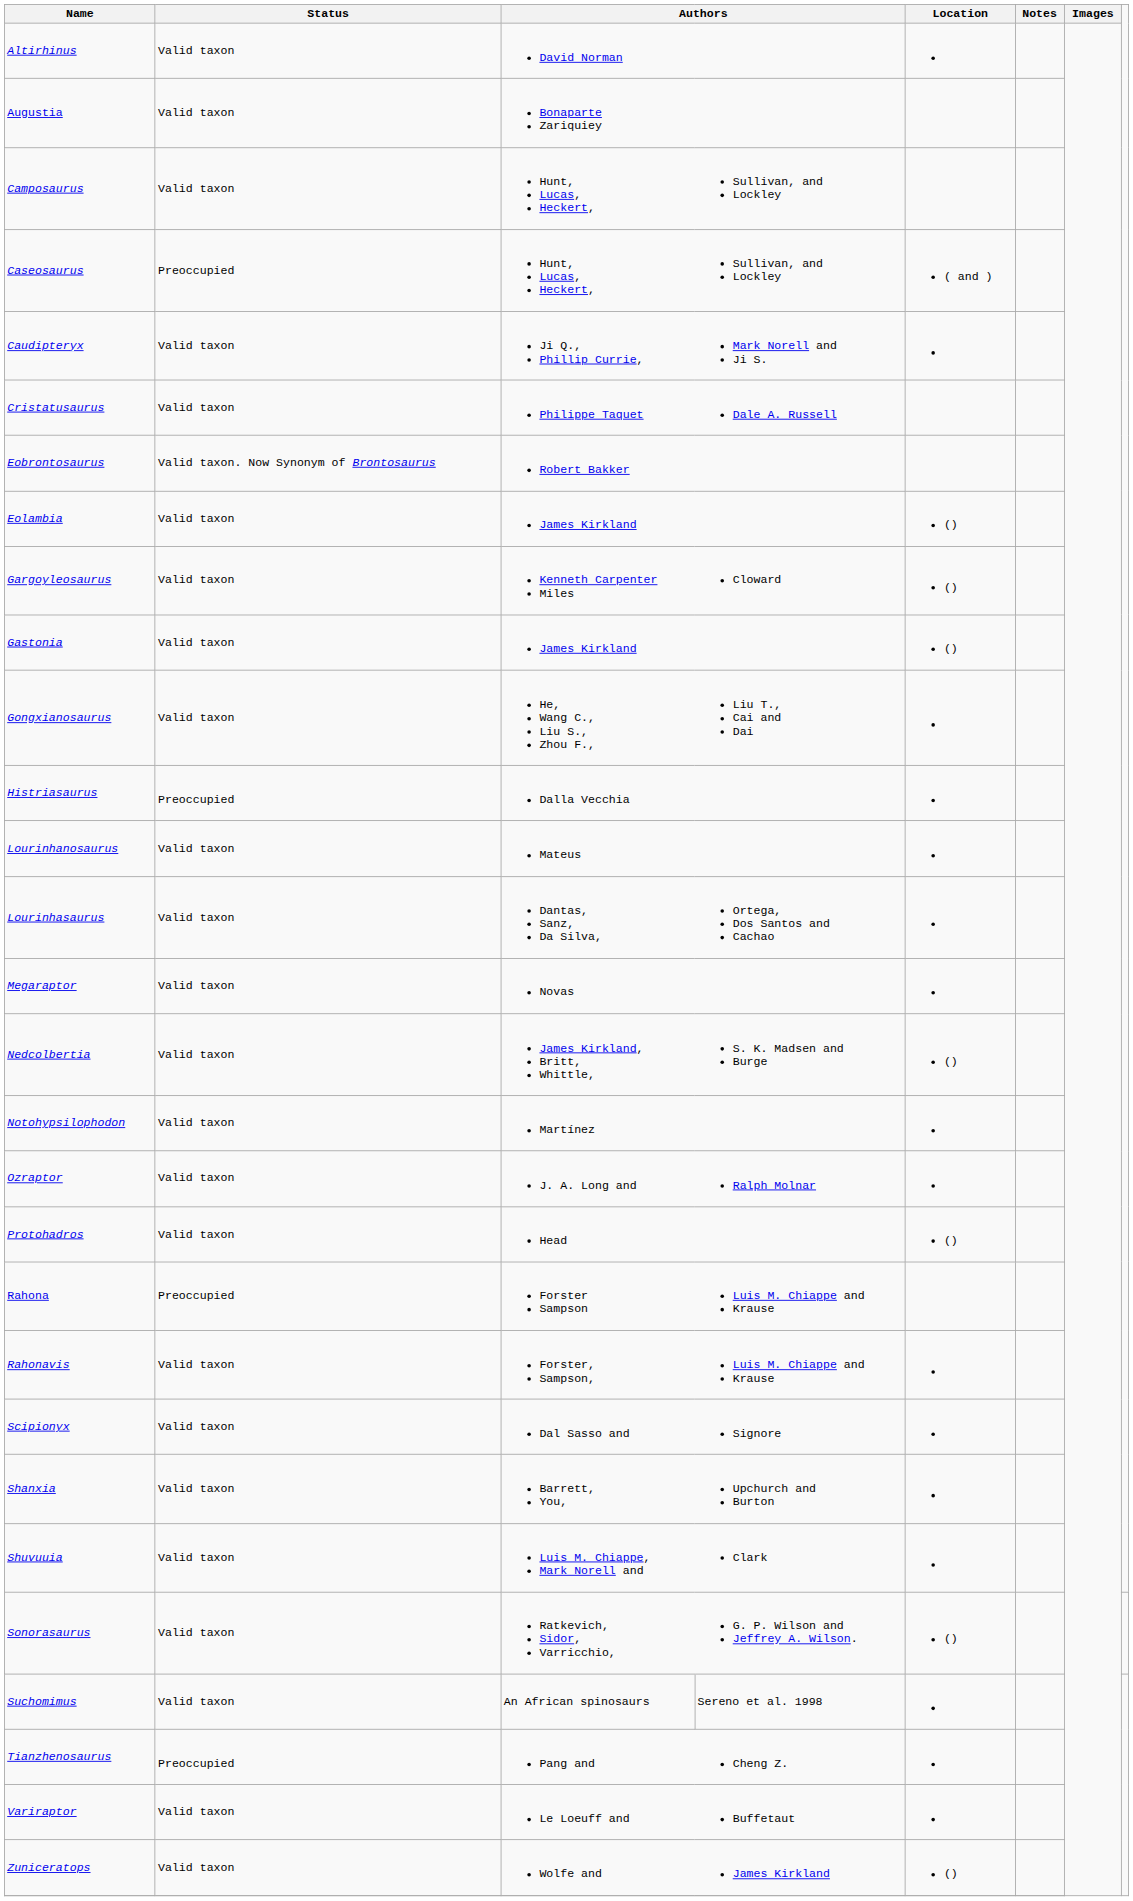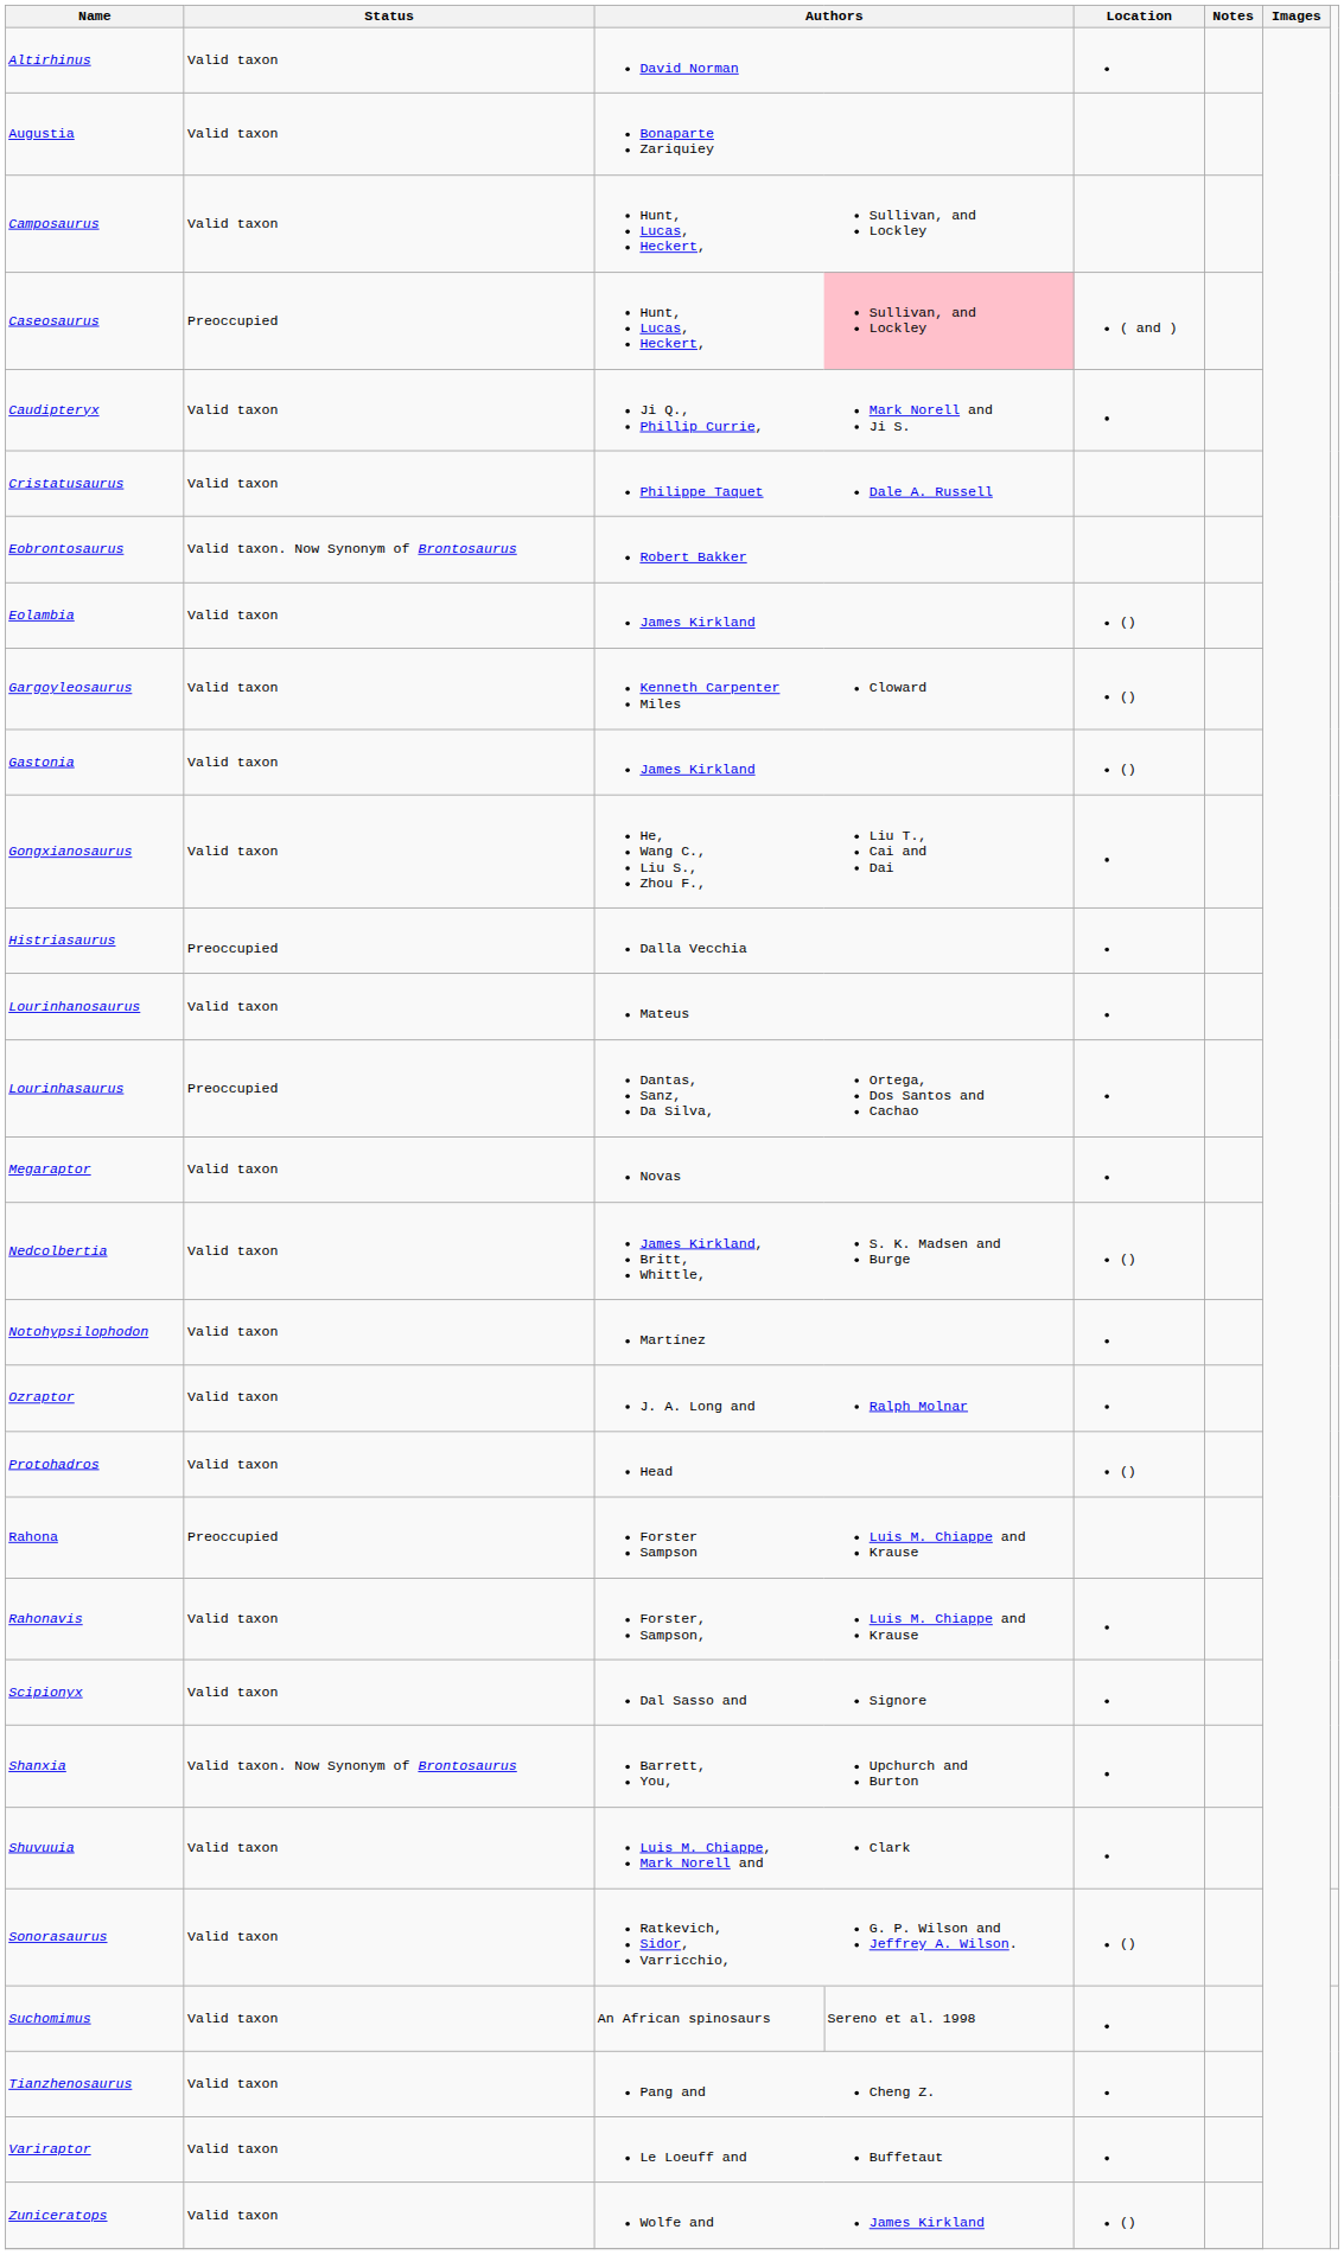 <table class="wikitable sortable" align="center" width="100%">
 <tr>
 <th>Name</th>
 <th>Status</th>
 <th colspan="2">Authors</th>
 <th>Location</th>
 <th class="unsortable">Notes</th>
 <th class="unsortable">Images</th>
 </tr>
 <tr>
 <td><em><a href='#'>Altirhinus</a></em></td>
 <td>Valid taxon</td>
 <td style="border-right:0px" valign="top"><br><ul><li><a href='#'>David Norman</a></li></ul></td>
 <td style="border-left:0px" valign="top"></td>
 <td><br><ul><li></li></ul></td>
 <td></td>
 <td rowspan="99"><br>             </td>
 </tr>
 <tr>
 <td><a href='#'>Augustia</a></td>
 <td>Valid taxon</td>
 <td style="border-right:0px" valign="top"><br><ul><li><a href='#'>Bonaparte</a></li><li>Zariquiey</li></ul></td>
 <td style="border-left:0px" valign="top"></td>
 <td></td>
 <td></td>
 </tr>
 <tr>
 <td><em><a href='#'>Camposaurus</a></em></td>
 <td>Valid taxon</td>
 <td style="border-right:0px" valign="top"><br><ul><li>Hunt,</li><li><a href='#'>Lucas</a>,</li><li><a href='#'>Heckert</a>,</li></ul></td>
 <td style="border-left:0px" valign="top"><br><ul><li>Sullivan, and</li><li>Lockley</li></ul></td>
 <td></td>
 <td></td>
 </tr>
 <tr>
 <td><em><a href='#'>Caseosaurus</a></em></td>
 <td>Preoccupied</td>
 <td style="border-right:0px" valign="top"><br><ul><li>Hunt,</li><li><a href='#'>Lucas</a>,</li><li><a href='#'>Heckert</a>,</li></ul></td>
-<td style="border-left:0px" valign="top"><br><ul><li>Sullivan, and</li><li>Lockley</li></ul></td>
+<td style="background: pink; border-left:0px" valign="top"><br><ul><li>Sullivan, and</li><li>Lockley</li></ul></td>
 <td><br><ul><li> ( and )</li></ul></td>
 <td></td>
 </tr>
 <tr>
 <td><em><a href='#'>Caudipteryx</a></em></td>
 <td>Valid taxon</td>
 <td style="border-right:0px" valign="top"><br><ul><li>Ji Q.,</li><li><a href='#'>Phillip Currie</a>,</li></ul></td>
 <td style="border-left:0px" valign="top"><br><ul><li><a href='#'>Mark Norell</a> and</li><li>Ji S.</li></ul></td>
 <td><br><ul><li></li></ul></td>
 <td></td>
 </tr>
 <tr>
 <td><em><a href='#'>Cristatusaurus</a></em></td>
 <td>Valid taxon</td>
 <td style="border-right:0px" valign="top"><br><ul><li><a href='#'>Philippe Taquet</a></li></ul></td>
 <td style="border-left:0px" valign="top"><br><ul><li><a href='#'>Dale A. Russell</a></li></ul></td>
 <td></td>
 <td></td>
 </tr>
 <tr>
 <td><em><a href='#'>Eobrontosaurus</a></em></td>
 <td>Valid taxon. Now Synonym of <em><a href='#'>Brontosaurus</a></em></td>
 <td style="border-right:0px" valign="top"><br><ul><li><a href='#'>Robert Bakker</a></li></ul></td>
 <td style="border-left:0px" valign="top"></td>
 <td></td>
 <td></td>
 </tr>
 <tr>
 <td><em><a href='#'>Eolambia</a></em></td>
 <td>Valid taxon</td>
 <td style="border-right:0px" valign="top"><br><ul><li><a href='#'>James Kirkland</a></li></ul></td>
 <td style="border-left:0px" valign="top"></td>
 <td><br><ul><li> ()</li></ul></td>
 <td></td>
 </tr>
 <tr>
 <td><em><a href='#'>Gargoyleosaurus</a></em></td>
 <td>Valid taxon</td>
 <td style="border-right:0px" valign="top"><br><ul><li><a href='#'>Kenneth Carpenter</a></li><li>Miles</li></ul></td>
 <td style="border-left:0px" valign="top"><br><ul><li>Cloward</li></ul></td>
 <td><br><ul><li> ()</li></ul></td>
 <td></td>
 </tr>
 <tr>
 <td><em><a href='#'>Gastonia</a></em></td>
 <td>Valid taxon</td>
 <td style="border-right:0px" valign="top"><br><ul><li><a href='#'>James Kirkland</a></li></ul></td>
 <td style="border-left:0px" valign="top"></td>
 <td><br><ul><li> ()</li></ul></td>
 <td></td>
 </tr>
 <tr>
 <td><em><a href='#'>Gongxianosaurus</a></em></td>
 <td>Valid taxon</td>
 <td style="border-right:0px" valign="top"><br><ul><li>He,</li><li>Wang C.,</li><li>Liu S.,</li><li>Zhou F.,</li></ul></td>
 <td style="border-left:0px" valign="top"><br><ul><li>Liu T.,</li><li>Cai and</li><li>Dai</li></ul></td>
 <td><br><ul><li></li></ul></td>
 <td></td>
 </tr>
 <tr>
 <td><em><a href='#'>Histriasaurus</a></em></td>
 <td><br>Preoccupied</td>
 <td style="border-right:0px" valign="top"><br><ul><li>Dalla Vecchia</li></ul></td>
 <td style="border-left:0px" valign="top"></td>
 <td><br><ul><li></li></ul></td>
 <td></td>
 </tr>
 <tr>
 <td><em><a href='#'>Lourinhanosaurus</a></em></td>
 <td>Valid taxon</td>
 <td style="border-right:0px" valign="top"><br><ul><li>Mateus</li></ul></td>
 <td style="border-left:0px" valign="top"></td>
 <td><br><ul><li></li></ul></td>
 <td></td>
 </tr>
 <tr>
 <td><em><a href='#'>Lourinhasaurus</a></em></td>
-<td>Valid taxon</td>
+<td>Preoccupied</td>
 <td style="border-right:0px" valign="top"><br><ul><li>Dantas,</li><li>Sanz,</li><li>Da Silva,</li></ul></td>
 <td style="border-left:0px" valign="top"><br><ul><li>Ortega,</li><li>Dos Santos and</li><li>Cachao</li></ul></td>
 <td><br><ul><li></li></ul></td>
 <td></td>
 </tr>
 <tr>
 <td><em><a href='#'>Megaraptor</a></em></td>
 <td>Valid taxon</td>
 <td style="border-right:0px" valign="top"><br><ul><li>Novas</li></ul></td>
 <td style="border-left:0px" valign="top"></td>
 <td><br><ul><li></li></ul></td>
 <td></td>
 </tr>
 <tr>
 <td><em><a href='#'>Nedcolbertia</a></em></td>
 <td>Valid taxon</td>
 <td style="border-right:0px" valign="top"><br><ul><li><a href='#'>James Kirkland</a>,</li><li>Britt,</li><li>Whittle,</li></ul></td>
 <td style="border-left:0px" valign="top"><br><ul><li>S. K. Madsen and</li><li>Burge</li></ul></td>
 <td><br><ul><li> ()</li></ul></td>
 <td></td>
 </tr>
 <tr>
 <td><em><a href='#'>Notohypsilophodon</a></em></td>
 <td>Valid taxon</td>
 <td style="border-right:0px" valign="top"><br><ul><li>Martínez</li></ul></td>
 <td style="border-left:0px" valign="top"></td>
 <td><br><ul><li></li></ul></td>
 <td></td>
 </tr>
 <tr>
 <td><em><a href='#'>Ozraptor</a></em></td>
 <td>Valid taxon</td>
 <td style="border-right:0px" valign="top"><br><ul><li>J. A. Long and</li></ul></td>
 <td style="border-left:0px" valign="top"><br><ul><li><a href='#'>Ralph Molnar</a></li></ul></td>
 <td><br><ul><li></li></ul></td>
 <td></td>
 </tr>
 <tr>
 <td><em><a href='#'>Protohadros</a></em></td>
 <td>Valid taxon</td>
 <td style="border-right:0px" valign="top"><br><ul><li>Head</li></ul></td>
 <td style="border-left:0px" valign="top"></td>
 <td><br><ul><li> ()</li></ul></td>
 <td></td>
 </tr>
 <tr>
 <td><a href='#'>Rahona</a></td>
 <td>Preoccupied</td>
 <td style="border-right:0px" valign="top"><br><ul><li>Forster</li><li>Sampson</li></ul></td>
 <td style="border-left:0px" valign="top"><br><ul><li><a href='#'>Luis M. Chiappe</a> and</li><li>Krause</li></ul></td>
 <td></td>
 <td></td>
 </tr>
 <tr>
 <td><em><a href='#'>Rahonavis</a></em></td>
 <td>Valid taxon</td>
 <td style="border-right:0px" valign="top"><br><ul><li>Forster,</li><li>Sampson,</li></ul></td>
 <td style="border-left:0px" valign="top"><br><ul><li><a href='#'>Luis M. Chiappe</a> and</li><li>Krause</li></ul></td>
 <td><br><ul><li></li></ul></td>
 <td></td>
 </tr>
 <tr>
 <td><em><a href='#'>Scipionyx</a></em></td>
 <td>Valid taxon</td>
 <td style="border-right:0px" valign="top"><br><ul><li>Dal Sasso and</li></ul></td>
 <td style="border-left:0px" valign="top"><br><ul><li>Signore</li></ul></td>
 <td><br><ul><li></li></ul></td>
 <td></td>
 </tr>
 <tr>
 <td><em><a href='#'>Shanxia</a></em></td>
-<td>Valid taxon</td>
+<td>Valid taxon. Now Synonym of <em><a href='#'>Brontosaurus</a></em></td>
 <td style="border-right:0px" valign="top"><br><ul><li>Barrett,</li><li>You,</li></ul></td>
 <td style="border-left:0px" valign="top"><br><ul><li>Upchurch and</li><li>Burton</li></ul></td>
 <td><br><ul><li></li></ul></td>
 <td></td>
 </tr>
 <tr>
 <td><em><a href='#'>Shuvuuia</a></em></td>
 <td>Valid taxon</td>
 <td style="border-right:0px" valign="top"><br><ul><li><a href='#'>Luis M. Chiappe</a>,</li><li><a href='#'>Mark Norell</a> and</li></ul></td>
 <td style="border-left:0px" valign="top"><br><ul><li>Clark</li></ul></td>
 <td><br><ul><li></li></ul></td>
 <td></td>
 </tr>
 <tr>
 <td><em><a href='#'>Sonorasaurus</a></em></td>
 <td>Valid taxon</td>
 <td style="border-right:0px" valign="top"><br><ul><li>Ratkevich,</li><li><a href='#'>Sidor</a>,</li><li>Varricchio,</li></ul></td>
 <td style="border-left:0px" valign="top"><br><ul><li>G. P. Wilson and</li><li><a href='#'>Jeffrey A. Wilson</a>.</li></ul></td>
 <td><br><ul><li> ()</li></ul></td>
 <td></td>
 <td></td>
 </tr>
 <tr>
 <td><em><a href='#'>Suchomimus</a></em></td>
 <td>Valid taxon</td>
 <td>An African spinosaurs</td>
 <td>Sereno et al. 1998</td>
 <td><br><ul><li></li></ul></td>
 <td></td>
 </tr>
 <tr>
 <td><em><a href='#'>Tianzhenosaurus</a></em></td>
-<td><br>Preoccupied</td>
+<td>Valid taxon</td>
 <td style="border-right:0px" valign="top"><br><ul><li>Pang and</li></ul></td>
 <td style="border-left:0px" valign="top"><br><ul><li>Cheng Z.</li></ul></td>
 <td><br><ul><li></li></ul></td>
 <td></td>
 </tr>
 <tr>
 <td><em><a href='#'>Variraptor</a></em></td>
 <td>Valid taxon</td>
 <td style="border-right:0px" valign="top"><br><ul><li>Le Loeuff and</li></ul></td>
 <td style="border-left:0px" valign="top"><br><ul><li>Buffetaut</li></ul></td>
 <td><br><ul><li></li></ul></td>
 <td></td>
 </tr>
 <tr>
 <td><em><a href='#'>Zuniceratops</a></em></td>
 <td>Valid taxon</td>
 <td style="border-right:0px" valign="top"><br><ul><li>Wolfe and</li></ul></td>
 <td style="border-left:0px" valign="top"><br><ul><li><a href='#'>James Kirkland</a></li></ul></td>
 <td><br><ul><li> ()</li></ul></td>
 <td></td>
 </tr>
 <tr>
 </tr>
 </table>
